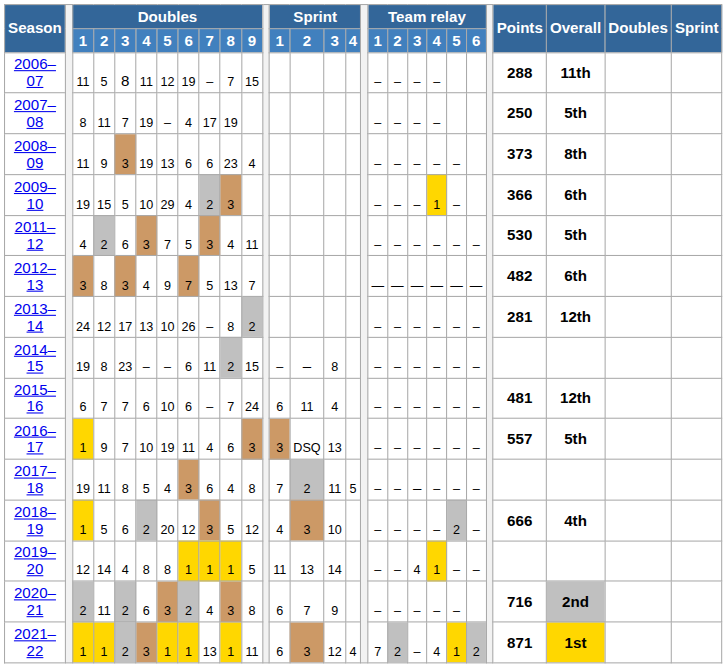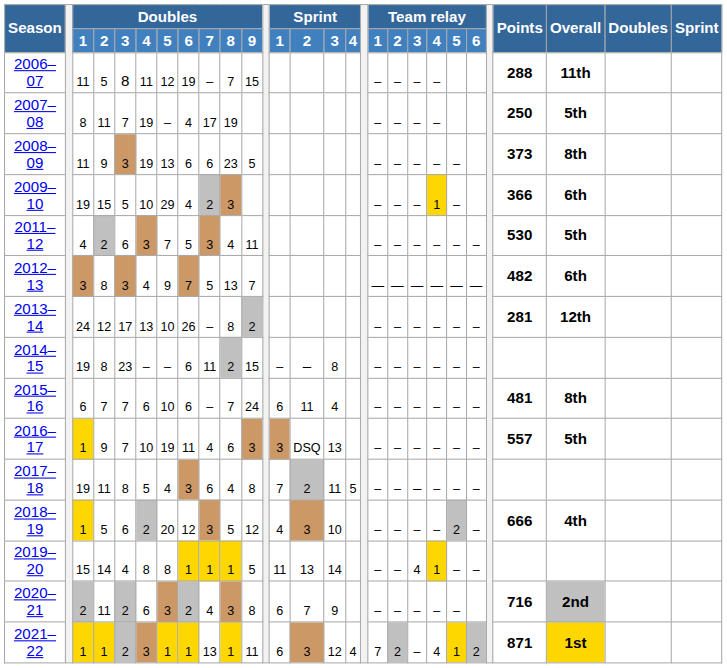 <table class="wikitable" style="font-size:90%; text-align:center; border:grey solid 1px; border-collapse:collapse; background:#ffffff;">
 <tr>
 <th rowspan="2" style="background-color:#369; color:white; width:60px">Season</th>
 <th rowspan="20" width="1px"></th>
 <th colspan="9" style="background-color:#369; color:white;">Doubles</th>
 <th rowspan="20" width="1px"></th>
 <th colspan="4" style="background-color:#369; color:white;">Sprint</th>
 <th rowspan="20" width="1px"></th>
 <th colspan="6" style="background-color:#369; color:white;">Team relay</th>
 <th rowspan="20" width="1px"></th>
 <th rowspan="2" style="background-color:#369; color:white; width:40px">Points</th>
 <th rowspan="2" style="background-color:#369; color:white; width:40px">Overall</th>
 <th rowspan="2" style="background-color:#369; color:white; width:40px">Doubles</th>
 <th rowspan="2" style="background-color:#369; color:white; width:40px">Sprint</th>
 </tr>
 <tr>
 <th style="background-color:#4180be; color:white; width:30px">1</th>
 <th style="background-color:#4180be; color:white; width:30px">2</th>
 <th style="background-color:#4180be; color:white; width:30px">3</th>
 <th style="background-color:#4180be; color:white; width:30px">4</th>
 <th style="background-color:#4180be; color:white; width:30px">5</th>
 <th style="background-color:#4180be; color:white; width:30px">6</th>
 <th style="background-color:#4180be; color:white; width:30px">7</th>
 <th style="background-color:#4180be; color:white; width:30px">8</th>
 <th style="background-color:#4180be; color:white; width:30px">9</th>
 <th style="background-color:#4180be; color:white; width:30px">1</th>
 <th style="background-color:#4180be; color:white; width:30px">2</th>
 <th style="background-color:#4180be; color:white; width:30px">3</th>
 <th style="background-color:#4180be; color:white; width:30px">4</th>
 <th style="background-color:#4180be; color:white; width:30px">1</th>
 <th style="background-color:#4180be; color:white; width:30px">2</th>
 <th style="background-color:#4180be; color:white; width:30px">3</th>
 <th style="background-color:#4180be; color:white; width:30px">4</th>
 <th style="background-color:#4180be; color:white; width:30px">5</th>
 <th style="background-color:#4180be; color:white; width:30px">6</th>
 </tr>
 <tr>
 <td><a href='#'>2006–07</a></td>
 <td><br><small>11</small></td>
 <td><br><small>5</small></td>
 <td><br>8<small></small></td>
 <td><br><small>11</small></td>
 <td><br><small>12</small></td>
 <td><br><small>19</small></td>
 <td><br><small>–</small></td>
 <td><br><small>7</small></td>
 <td><br><small>15</small></td>
 <td></td>
 <td></td>
 <td></td>
 <td></td>
 <td><br><small>–</small></td>
 <td><br><small>–</small></td>
 <td><br><small>–</small></td>
 <td><br><small>–</small></td>
 <td></td>
 <td></td>
 <td><strong>288</strong></td>
 <td><strong>11th</strong></td>
 <td></td>
 <td></td>
 </tr>
 <tr>
 <td><a href='#'>2007–08</a></td>
 <td><br><small>8</small></td>
 <td><br><small>11</small></td>
 <td><br><small>7</small></td>
 <td><br><small>19</small></td>
 <td><br><small>–</small></td>
 <td><br><small>4</small></td>
 <td><br><small>17</small></td>
 <td><br><small>19</small></td>
 <td></td>
 <td></td>
 <td></td>
 <td></td>
 <td></td>
 <td><br><small>–</small></td>
 <td><br><small>–</small></td>
 <td><br><small>–</small></td>
 <td><br><small>–</small></td>
 <td></td>
 <td></td>
 <td><strong>250</strong></td>
 <td><strong>5th</strong></td>
 <td></td>
 <td></td>
 </tr>
 <tr>
 <td><a href='#'>2008–09</a></td>
 <td><br><small>11</small></td>
 <td><br><small>9</small></td>
 <td style="background:#cc9966;"><br><small>3</small></td>
 <td><br><small>19</small></td>
 <td><br><small>13</small></td>
 <td><br><small>6</small></td>
 <td><br><small>6</small></td>
 <td><br><small>23</small></td>
-<td><br><small>4</small></td>
+<td><br><small>5</small></td>
 <td></td>
 <td></td>
 <td></td>
 <td></td>
 <td><br><small>–</small></td>
 <td><br><small>–</small></td>
 <td><br><small>–</small></td>
 <td><br><small>–</small></td>
 <td><br><small>–</small></td>
 <td></td>
 <td><strong>373</strong></td>
 <td><strong>8th</strong></td>
 <td></td>
 <td></td>
 </tr>
 <tr>
 <td><a href='#'>2009–10</a></td>
 <td><br><small>19</small></td>
 <td><br><small>15</small></td>
 <td><br><small>5</small></td>
 <td><br><small>10</small></td>
 <td><br><small>29</small></td>
 <td><br><small>4</small></td>
 <td style="background:silver;"><br><small>2</small></td>
 <td style="background:#cc9966;"><br><small>3</small></td>
 <td></td>
 <td></td>
 <td></td>
 <td></td>
 <td></td>
 <td><br><small>–</small></td>
 <td><br><small>–</small></td>
 <td><br><small>–</small></td>
 <td style="background:gold;"><br><small>1</small></td>
 <td><br><small>–</small></td>
 <td></td>
 <td><strong>366</strong></td>
 <td><strong>6th</strong></td>
 <td></td>
 <td></td>
 </tr>
 <tr>
 <td><a href='#'>2011–12</a></td>
 <td><br><small>4</small></td>
 <td style="background:silver;"><br><small>2</small></td>
 <td><br><small>6</small></td>
 <td style="background:#cc9966;"><br><small>3</small></td>
 <td><br><small>7</small></td>
 <td><br><small>5</small></td>
 <td style="background:#cc9966;"><br><small>3</small></td>
 <td><br><small>4</small></td>
 <td><br><small>11</small></td>
 <td></td>
 <td></td>
 <td></td>
 <td></td>
 <td><br><small>–</small></td>
 <td><br><small>–</small></td>
 <td><br><small>–</small></td>
 <td><br><small>–</small></td>
 <td><br><small>–</small></td>
 <td><br><small>–</small></td>
 <td><strong>530</strong></td>
 <td><strong>5th</strong></td>
 <td></td>
 <td></td>
 </tr>
 <tr>
 <td><a href='#'>2012–13</a></td>
 <td style="background:#cc9966;"><br><small>3</small></td>
 <td><br><small>8</small></td>
 <td style="background:#cc9966;"><br><small>3</small></td>
 <td><br><small>4</small></td>
 <td><br><small>9</small></td>
 <td style="background:#cc9966;"><br><small>7</small></td>
 <td><br><small>5</small></td>
 <td><br><small>13</small></td>
 <td><br><small>7</small></td>
 <td></td>
 <td></td>
 <td></td>
 <td></td>
 <td><br><small>—</small></td>
 <td><br><small>—</small></td>
 <td><br><small>—</small></td>
 <td><br><small>—</small></td>
 <td><br><small>—</small></td>
 <td><br><small>—</small></td>
 <td><strong>482</strong></td>
 <td><strong>6th</strong></td>
 <td></td>
 <td></td>
 </tr>
 <tr>
 <td><a href='#'>2013–14</a></td>
 <td><br><small>24</small></td>
 <td><br><small>12</small></td>
 <td><br><small>17</small></td>
 <td><br><small>13</small></td>
 <td><br><small>10</small></td>
 <td><br><small>26</small></td>
 <td><br><small>–</small></td>
 <td><br><small>8</small></td>
 <td style="background:silver;"><br><small>2</small></td>
 <td></td>
 <td></td>
 <td></td>
 <td></td>
 <td><br><small>–</small></td>
 <td><br><small>–</small></td>
 <td><br><small>–</small></td>
 <td><br><small>–</small></td>
 <td><br><small>–</small></td>
 <td><br><small>–</small></td>
 <td><strong>281</strong></td>
 <td><strong>12th</strong></td>
 <td></td>
 <td></td>
 </tr>
 <tr>
 <td><a href='#'>2014–15</a></td>
 <td><br><small>19</small></td>
 <td><br><small>8</small></td>
 <td><br><small>23</small></td>
 <td><br><small>–</small></td>
 <td><br><small>–</small></td>
 <td><br><small>6</small></td>
 <td><br><small>11</small></td>
 <td style="background:silver;"><br><small>2</small></td>
 <td><br><small>15</small></td>
 <td><br><small>–</small></td>
 <td><br>–<small></small></td>
 <td><br><small>8</small></td>
 <td></td>
 <td><br><small>–</small></td>
 <td><br><small>–</small></td>
 <td><br><small>–</small></td>
 <td><br><small>–</small></td>
 <td><br><small>–</small></td>
 <td><br><small>–</small></td>
 <td></td>
 <td></td>
 <td></td>
 <td></td>
 </tr>
 <tr>
 <td><a href='#'>2015–16</a></td>
 <td><br><small>6</small></td>
 <td><br><small>7</small></td>
 <td><br><small>7</small></td>
 <td><br><small>6</small></td>
 <td><br><small>10</small></td>
 <td><br><small>6</small></td>
 <td><br><small>–</small></td>
 <td><br><small>7</small></td>
 <td><br><small>24</small></td>
 <td><br><small>6</small></td>
 <td><br><small>11</small></td>
 <td><br><small>4</small></td>
 <td></td>
 <td><br><small>–</small></td>
 <td><br><small>–</small></td>
 <td><br><small>–</small></td>
 <td><br><small>–</small></td>
 <td><br><small>–</small></td>
 <td><br><small>–</small></td>
 <td><strong>481</strong></td>
-<td><strong>12th</strong></td>
+<td><strong>8th</strong></td>
 <td></td>
 <td></td>
 </tr>
 <tr>
 <td><a href='#'>2016–17</a></td>
 <td style="background:gold;"><br><small>1</small></td>
 <td><br><small>9</small></td>
 <td><br><small>7</small></td>
 <td><br><small>10</small></td>
 <td><br><small>19</small></td>
 <td><br><small>11</small></td>
 <td><br><small>4</small></td>
 <td><br><small>6</small></td>
 <td style="background:#cc9966;"><br><small>3</small></td>
 <td style="background:#cc9966;"><br><small>3</small></td>
 <td><br><small>DSQ</small></td>
 <td><br><small>13</small></td>
 <td></td>
 <td><br><small>–</small></td>
 <td><br><small>–</small></td>
 <td><br><small>–</small></td>
 <td><br><small>–</small></td>
 <td><br><small>–</small></td>
 <td><br><small>–</small></td>
 <td><strong>557</strong></td>
 <td><strong>5th</strong></td>
 <td></td>
 <td></td>
 </tr>
 <tr>
 <td><a href='#'>2017–18</a></td>
 <td><br><small>19</small></td>
 <td><br><small>11</small></td>
 <td><br><small>8</small></td>
 <td><br><small>5</small></td>
 <td><br><small>4</small></td>
 <td style="background:#cc9966;"><br><small>3</small></td>
 <td><br><small>6</small></td>
 <td><br><small>4</small></td>
 <td><br><small>8</small></td>
 <td><br><small>7</small></td>
 <td style="background:silver;"><br><small>2</small></td>
 <td><br><small>11</small></td>
 <td><br><small>5</small></td>
 <td><br><small>–</small></td>
 <td><br><small>–</small></td>
 <td><br>–<small></small></td>
 <td><br><small>–</small></td>
 <td><br><small>–</small></td>
 <td><br><small>–</small></td>
 <td></td>
 <td></td>
 <td></td>
 <td></td>
 </tr>
 <tr>
 <td><a href='#'>2018–19</a></td>
 <td style="background:gold;"><br><small>1</small></td>
 <td><br><small>5</small></td>
 <td><br><small>6</small></td>
 <td style="background:silver;"><br><small>2</small></td>
 <td><br><small>20</small></td>
 <td><br><small>12</small></td>
 <td style="background:#cc9966;"><br><small>3</small></td>
 <td><br><small>5</small></td>
 <td><br><small>12</small></td>
 <td><br><small>4</small></td>
 <td style="background:#cc9966;"><br><small>3</small></td>
 <td><br><small>10</small></td>
 <td></td>
 <td><br><small>–</small></td>
 <td><br><small>–</small></td>
 <td><br><small>–</small></td>
 <td><br><small>–</small></td>
 <td style="background:silver;"><br><small>2</small></td>
 <td><br><small>–</small></td>
 <td><strong>666</strong></td>
 <td><strong>4th</strong></td>
 <td></td>
 <td></td>
 </tr>
 <tr>
 <td><a href='#'>2019–20</a></td>
-<td><br><small>12</small></td>
+<td><br><small>15</small></td>
 <td><br><small>14</small></td>
 <td><br><small>4</small></td>
 <td><br><small>8</small></td>
 <td><br><small>8</small></td>
 <td style="background:gold;"><br><small>1</small></td>
 <td style="background:gold;"><br><small>1</small></td>
 <td style="background:gold;"><br><small>1</small></td>
 <td><br><small>5</small></td>
 <td><br><small>11</small></td>
 <td><br><small>13</small></td>
 <td><br><small>14</small></td>
 <td></td>
 <td><br><small>–</small></td>
 <td><br><small>–</small></td>
 <td><br><small>4</small></td>
 <td style="background:gold;"><br><small>1</small></td>
 <td><br><small>–</small></td>
 <td><br><small>–</small></td>
 <td></td>
 <td></td>
 <td></td>
 <td></td>
 </tr>
 <tr>
 <td><a href='#'>2020–21</a></td>
 <td style="background:silver;"><br><small>2</small></td>
 <td><br><small>11</small></td>
 <td style="background:silver;"><br><small>2</small></td>
 <td><br><small>6</small></td>
 <td style="background:#cc9966;"><br><small>3</small></td>
 <td style="background:silver;"><br><small>2</small></td>
 <td><br><small>4</small></td>
 <td style="background:#cc9966;"><br><small>3</small></td>
 <td><br><small>8</small></td>
 <td><br><small>6</small></td>
 <td><br><small>7</small></td>
 <td><br><small>9</small></td>
 <td></td>
 <td><br><small>–</small></td>
 <td><br><small>–</small></td>
 <td><br><small>–</small></td>
 <td><br><small>–</small></td>
 <td><br><small>–</small></td>
 <td><br><small></small></td>
 <td><strong>716</strong></td>
 <td style="background:silver;"><strong>2nd</strong></td>
 <td></td>
 <td></td>
 </tr>
 <tr>
 <td><a href='#'>2021–22</a></td>
 <td style="background:gold;"><br><small>1</small></td>
 <td style="background:gold;"><br><small>1</small></td>
 <td style="background:silver;"><br><small>2</small></td>
 <td style="background:#cc9966;"><br><small>3</small></td>
 <td style="background:gold;"><br><small>1</small></td>
 <td style="background:gold;"><br><small>1</small></td>
 <td><br><small>13</small></td>
 <td style="background:gold;"><br><small>1</small></td>
 <td><br><small>11</small></td>
 <td><br><small>6</small></td>
 <td style="background:#cc9966;"><br><small>3</small></td>
 <td><br><small>12</small></td>
 <td><br><small>4</small></td>
 <td><br><small>7</small></td>
 <td style="background:silver;"><br><small>2</small></td>
 <td><br><small>–</small></td>
 <td><br><small>4</small></td>
 <td style="background:gold;"><br><small>1</small></td>
 <td style="background:silver;"><br><small>2</small></td>
 <td><strong>871</strong></td>
 <td style="background:gold;"><strong>1st</strong></td>
 <td></td>
 <td></td>
 </tr>
 </table>
